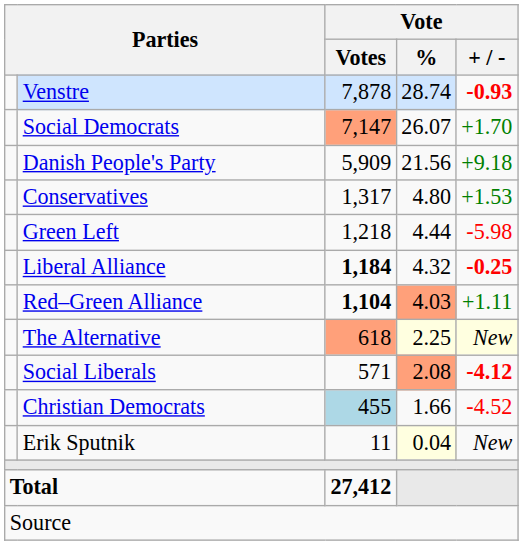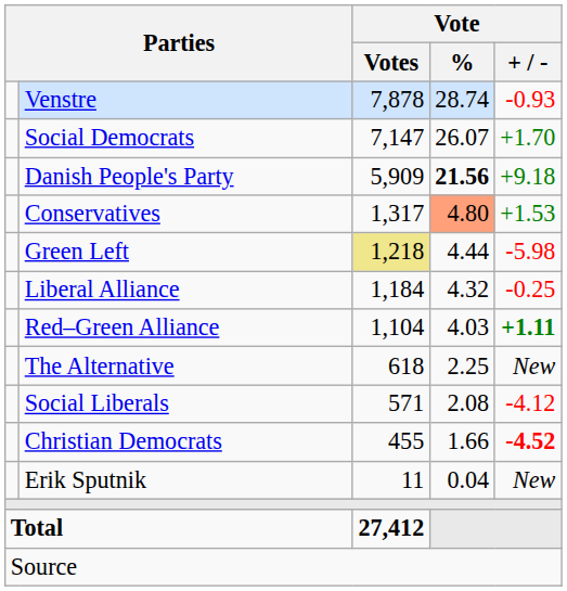 <table class="wikitable" style="text-align:right;">
 <tr>
 <th style="text-align:centre;" rowspan="2" colspan="2" width="225">Parties</th>
 <th colspan="3">Vote</th>
 </tr>
 <tr>
 <th width="15">Votes</th>
 <th width="15">%</th>
 <th width="15">+ / -</th>
 </tr>
 <tr>
 <td width="2" style="color:inherit;background:"></td>
 <td bgcolor=#cfe5fe  align="left"><a href='#'>Venstre</a></td>
 <td bgcolor=#cfe5fe>7,878</td>
 <td bgcolor=#cfe5fe>28.74</td>
-<td style=color:red;><strong>-0.93</strong></td>
+<td style=color:red;>-0.93</td>
 </tr>
 <tr>
 <td width="2" style="color:inherit;background:"></td>
 <td align="left"><a href='#'>Social Democrats</a></td>
-<td style="background: lightsalmon;">7,147</td>
+<td>7,147</td>
 <td>26.07</td>
 <td style=color:green;>+1.70</td>
 </tr>
 <tr>
 <td width="2" style="color:inherit;background:"></td>
 <td align="left"><a href='#'>Danish People's Party</a></td>
 <td>5,909</td>
-<td>21.56</td>
+<td><strong>21.56</strong></td>
 <td style=color:green;>+9.18</td>
 </tr>
 <tr>
 <td width="2" style="color:inherit;background:"></td>
 <td align="left"><a href='#'>Conservatives</a></td>
 <td>1,317</td>
-<td>4.80</td>
+<td style="background: lightsalmon;">4.80</td>
 <td style=color:green;>+1.53</td>
 </tr>
 <tr>
 <td width="2" style="color:inherit;background:"></td>
 <td align="left"><a href='#'>Green Left</a></td>
-<td>1,218</td>
+<td style="background: khaki;">1,218</td>
 <td>4.44</td>
 <td style=color:red;>-5.98</td>
 </tr>
 <tr>
 <td width="2" style="color:inherit;background:"></td>
 <td align="left"><a href='#'>Liberal Alliance</a></td>
-<td><strong>1,184</strong></td>
+<td>1,184</td>
 <td>4.32</td>
-<td style=color:red;><strong>-0.25</strong></td>
+<td style=color:red;>-0.25</td>
 </tr>
 <tr>
 <td width="2" style="color:inherit;background:"></td>
 <td align="left"><a href='#'>Red–Green Alliance</a></td>
-<td><strong>1,104</strong></td>
-<td style="background: lightsalmon;">4.03</td>
-<td style=color:green;>+1.11</td>
+<td>1,104</td>
+<td>4.03</td>
+<td style=color:green;><strong>+1.11</strong></td>
 </tr>
 <tr>
 <td width="2" style="color:inherit;background:"></td>
 <td align="left"><a href='#'>The Alternative</a></td>
-<td style="background: lightsalmon;">618</td>
-<td style="background: lightyellow;">2.25</td>
-<td style="background: lightyellow;"><em>New</em></td>
+<td>618</td>
+<td>2.25</td>
+<td><em>New</em></td>
 </tr>
 <tr>
 <td width="2" style="color:inherit;background:"></td>
 <td align="left"><a href='#'>Social Liberals</a></td>
 <td>571</td>
-<td style="background: lightsalmon;">2.08</td>
-<td style=color:red;><strong>-4.12</strong></td>
+<td>2.08</td>
+<td style=color:red;>-4.12</td>
 </tr>
 <tr>
 <td width="2" style="color:inherit;background:"></td>
 <td align="left"><a href='#'>Christian Democrats</a></td>
-<td style="background: lightblue;">455</td>
+<td>455</td>
 <td>1.66</td>
-<td style=color:red;>-4.52</td>
+<td style=color:red;><strong>-4.52</strong></td>
 </tr>
 <tr>
 <td width="2" style="color:inherit;background:"></td>
 <td align="left">Erik Sputnik</td>
 <td>11</td>
-<td style="background: lightyellow;">0.04</td>
+<td>0.04</td>
 <td><em>New</em></td>
 </tr>
 <tr>
 <td colspan="7" bgcolor="#E9E9E9"></td>
 </tr>
 <tr>
 <td align="left" colspan="2"><strong>Total</strong></td>
 <td><strong>27,412</strong></td>
 <td bgcolor="#E9E9E9" colspan="2"></td>
 </tr>
 <tr>
 <td align="left" colspan="6">Source</td>
 </tr>
 </table>
